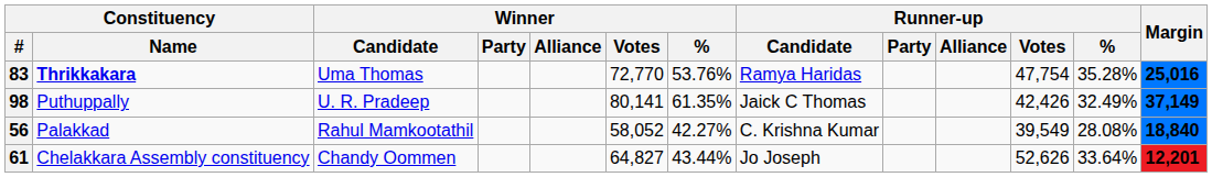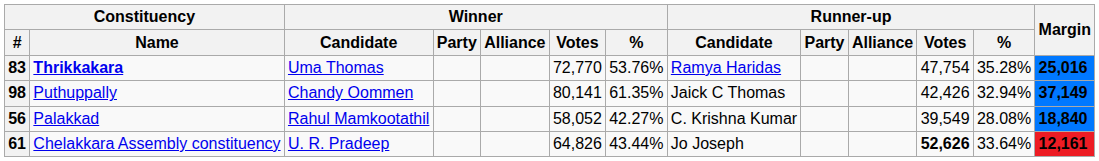 <table class="wikitable sortable" style="text-align:left;">
 <tr>
 <th colspan="2">Constituency</th>
 <th colspan="5">Winner</th>
 <th colspan="5">Runner-up</th>
 <th rowspan="2" data-sort-type=number>Margin</th>
 </tr>
 <tr>
 <th>#</th>
 <th>Name</th>
 <th>Candidate</th>
 <th>Party</th>
 <th>Alliance</th>
 <th data-sort-type=number>Votes</th>
 <th>%</th>
 <th>Candidate</th>
 <th>Party</th>
 <th>Alliance</th>
 <th data-sort-type=number>Votes</th>
 <th>%</th>
 </tr>
 <tr>
 </tr>
 <tr>
 <th>83</th>
 <td><strong><a href='#'>Thrikkakara</a></strong></td>
 <td><a href='#'>Uma Thomas</a></td>
 <td></td>
 <td></td>
 <td>72,770</td>
 <td>53.76%</td>
 <td><a href='#'>Ramya Haridas</a></td>
 <td></td>
 <td></td>
 <td>47,754</td>
 <td>35.28%</td>
 <td style="background:#0078FF"><span><strong>25,016</strong></span></td>
 </tr>
 <tr>
 <th>98</th>
 <td><a href='#'>Puthuppally</a></td>
-<td><a href='#'>U. R. Pradeep</a></td>
+<td><a href='#'>Chandy Oommen</a></td>
 <td></td>
 <td></td>
 <td>80,141</td>
 <td>61.35%</td>
 <td>Jaick C Thomas</td>
 <td></td>
 <td></td>
 <td>42,426</td>
-<td>32.49%</td>
+<td>32.94%</td>
 <td style="background:#0078FF"><span><strong>37,149</strong></span></td>
 </tr>
 <tr>
 <th>56</th>
 <td><a href='#'>Palakkad</a></td>
 <td><a href='#'>Rahul Mamkootathil</a></td>
 <td></td>
 <td></td>
 <td>58,052</td>
 <td>42.27%</td>
 <td>C. Krishna Kumar</td>
 <td></td>
 <td></td>
 <td>39,549</td>
 <td>28.08%</td>
 <td style="background:#0078FF"><span><strong>18,840</strong></span></td>
 </tr>
 <tr>
 <th>61</th>
 <td><a href='#'>Chelakkara Assembly constituency</a></td>
-<td><a href='#'>Chandy Oommen</a></td>
+<td><a href='#'>U. R. Pradeep</a></td>
 <td></td>
 <td></td>
-<td>64,827</td>
+<td>64,826</td>
 <td>43.44%</td>
 <td>Jo Joseph</td>
 <td></td>
 <td></td>
-<td>52,626</td>
+<td><strong>52,626</strong></td>
 <td>33.64%</td>
-<td style="background:#ED1C24"><span><strong>12,201</strong></span></td>
+<td style="background:#ED1C24"><span><strong>12,161</strong></span></td>
 </tr>
 </table>
